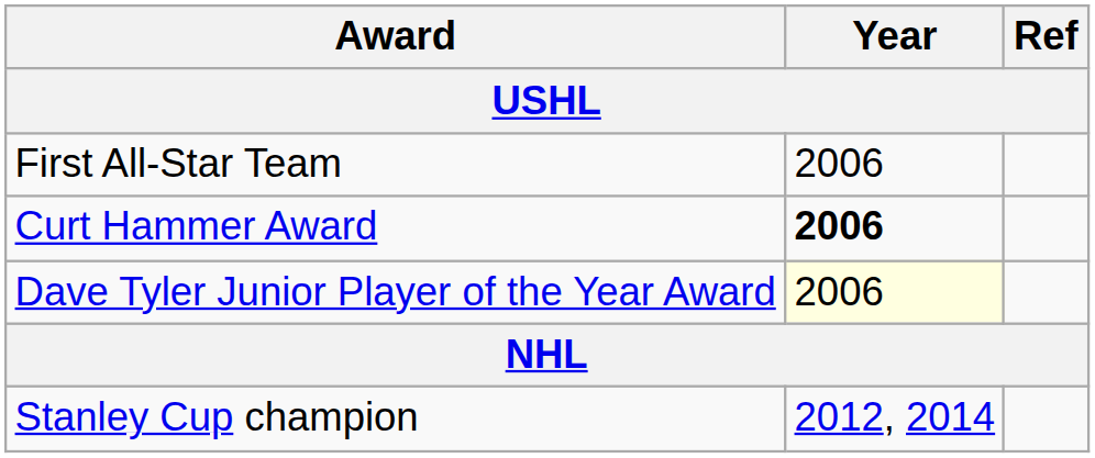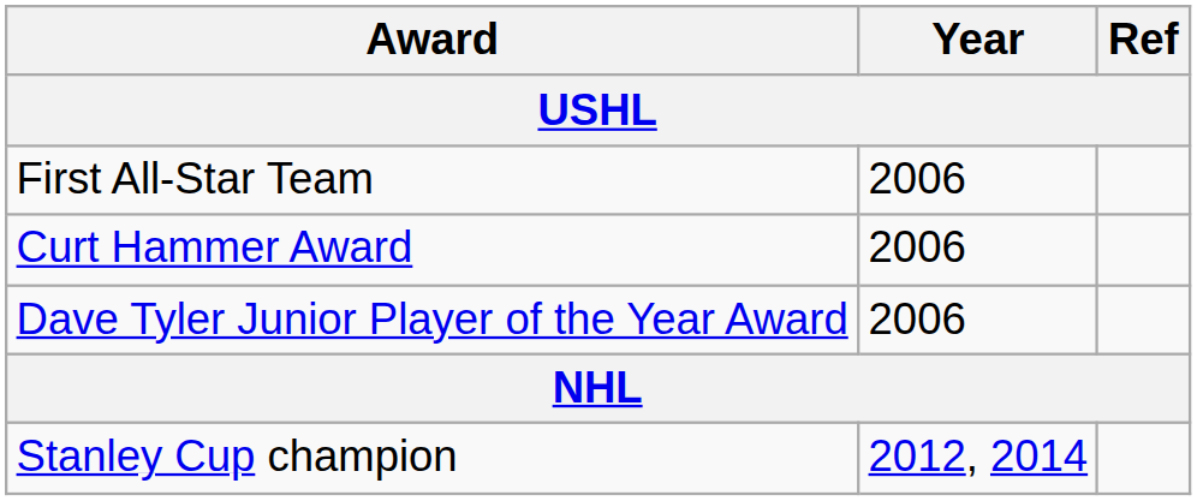 <table class="wikitable">
 <tr>
 <th>Award</th>
 <th>Year</th>
 <th>Ref</th>
 </tr>
 <tr>
 <th colspan="3"><a href='#'>USHL</a></th>
 </tr>
 <tr>
 <td>First All-Star Team</td>
 <td>2006</td>
 <td></td>
 </tr>
 <tr>
 <td><a href='#'>Curt Hammer Award</a></td>
-<td><strong>2006</strong></td>
+<td>2006</td>
 <td></td>
 </tr>
 <tr>
 <td><a href='#'>Dave Tyler Junior Player of the Year Award</a></td>
-<td style="background: lightyellow;">2006</td>
+<td>2006</td>
 <td></td>
 </tr>
 <tr>
 <th colspan="3"><a href='#'>NHL</a></th>
 </tr>
 <tr>
 <td><a href='#'>Stanley Cup</a> champion</td>
 <td><a href='#'>2012</a>, <a href='#'>2014</a></td>
 <td></td>
 </tr>
 </table>
